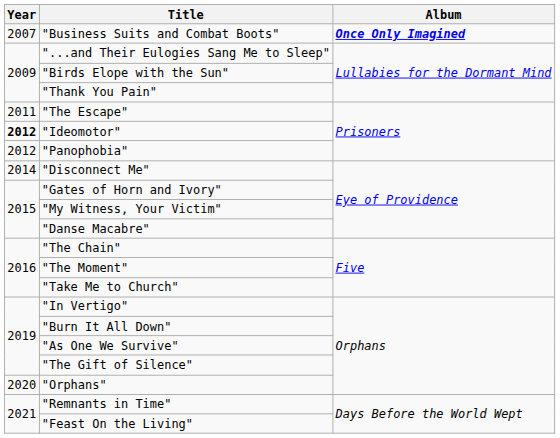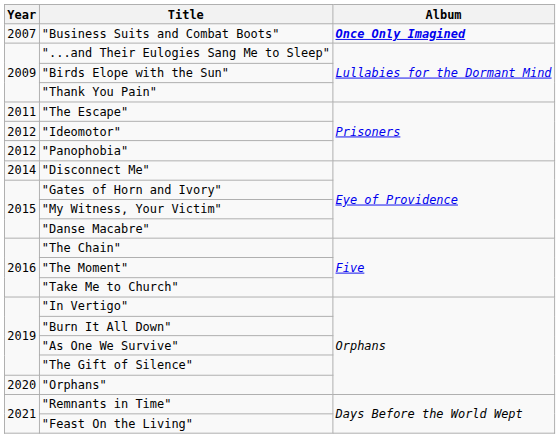 <table class="wikitable">
 <tr>
 <th>Year</th>
 <th>Title</th>
 <th>Album</th>
 </tr>
 <tr>
 <td>2007</td>
 <td>"Business Suits and Combat Boots"</td>
 <td><strong><em><a href='#'>Once Only Imagined</a></em></strong></td>
 </tr>
 <tr>
 <td rowspan="3">2009</td>
 <td>"...and Their Eulogies Sang Me to Sleep"</td>
 <td rowspan="3"><em><a href='#'>Lullabies for the Dormant Mind</a></em></td>
 </tr>
 <tr>
 <td>"Birds Elope with the Sun"</td>
 </tr>
 <tr>
 <td>"Thank You Pain"</td>
 </tr>
 <tr>
 <td>2011</td>
 <td>"The Escape"</td>
 <td rowspan="3"><em><a href='#'>Prisoners</a></em></td>
 </tr>
 <tr>
-<td><strong>2012</strong></td>
+<td>2012</td>
 <td>"Ideomotor"</td>
 </tr>
 <tr>
 <td>2012</td>
 <td>"Panophobia"</td>
 </tr>
 <tr>
 <td>2014</td>
 <td>"Disconnect Me"</td>
 <td rowspan="4"><em><a href='#'>Eye of Providence</a></em></td>
 </tr>
 <tr>
 <td rowspan="3">2015</td>
 <td>"Gates of Horn and Ivory"</td>
 </tr>
 <tr>
 <td>"My Witness, Your Victim"</td>
 </tr>
 <tr>
 <td>"Danse Macabre"</td>
 </tr>
 <tr>
 <td rowspan="3">2016</td>
 <td>"The Chain"</td>
 <td rowspan="3"><em><a href='#'>Five</a></em></td>
 </tr>
 <tr>
 <td>"The Moment"</td>
 </tr>
 <tr>
 <td>"Take Me to Church"</td>
 </tr>
 <tr>
 <td rowspan="4">2019</td>
 <td>"In Vertigo"</td>
 <td rowspan="5"><em>Orphans</em></td>
 </tr>
 <tr>
 <td>"Burn It All Down"</td>
 </tr>
 <tr>
 <td>"As One We Survive"</td>
 </tr>
 <tr>
 <td>"The Gift of Silence"</td>
 </tr>
 <tr>
 <td>2020</td>
 <td>"Orphans"</td>
 </tr>
 <tr>
 <td rowspan="5">2021</td>
 <td>"Remnants in Time"</td>
 <td rowspan="7"><em>Days Before the World Wept</em></td>
 </tr>
 <tr>
 <td>"Feast On the Living"</td>
 </tr>
 </table>
